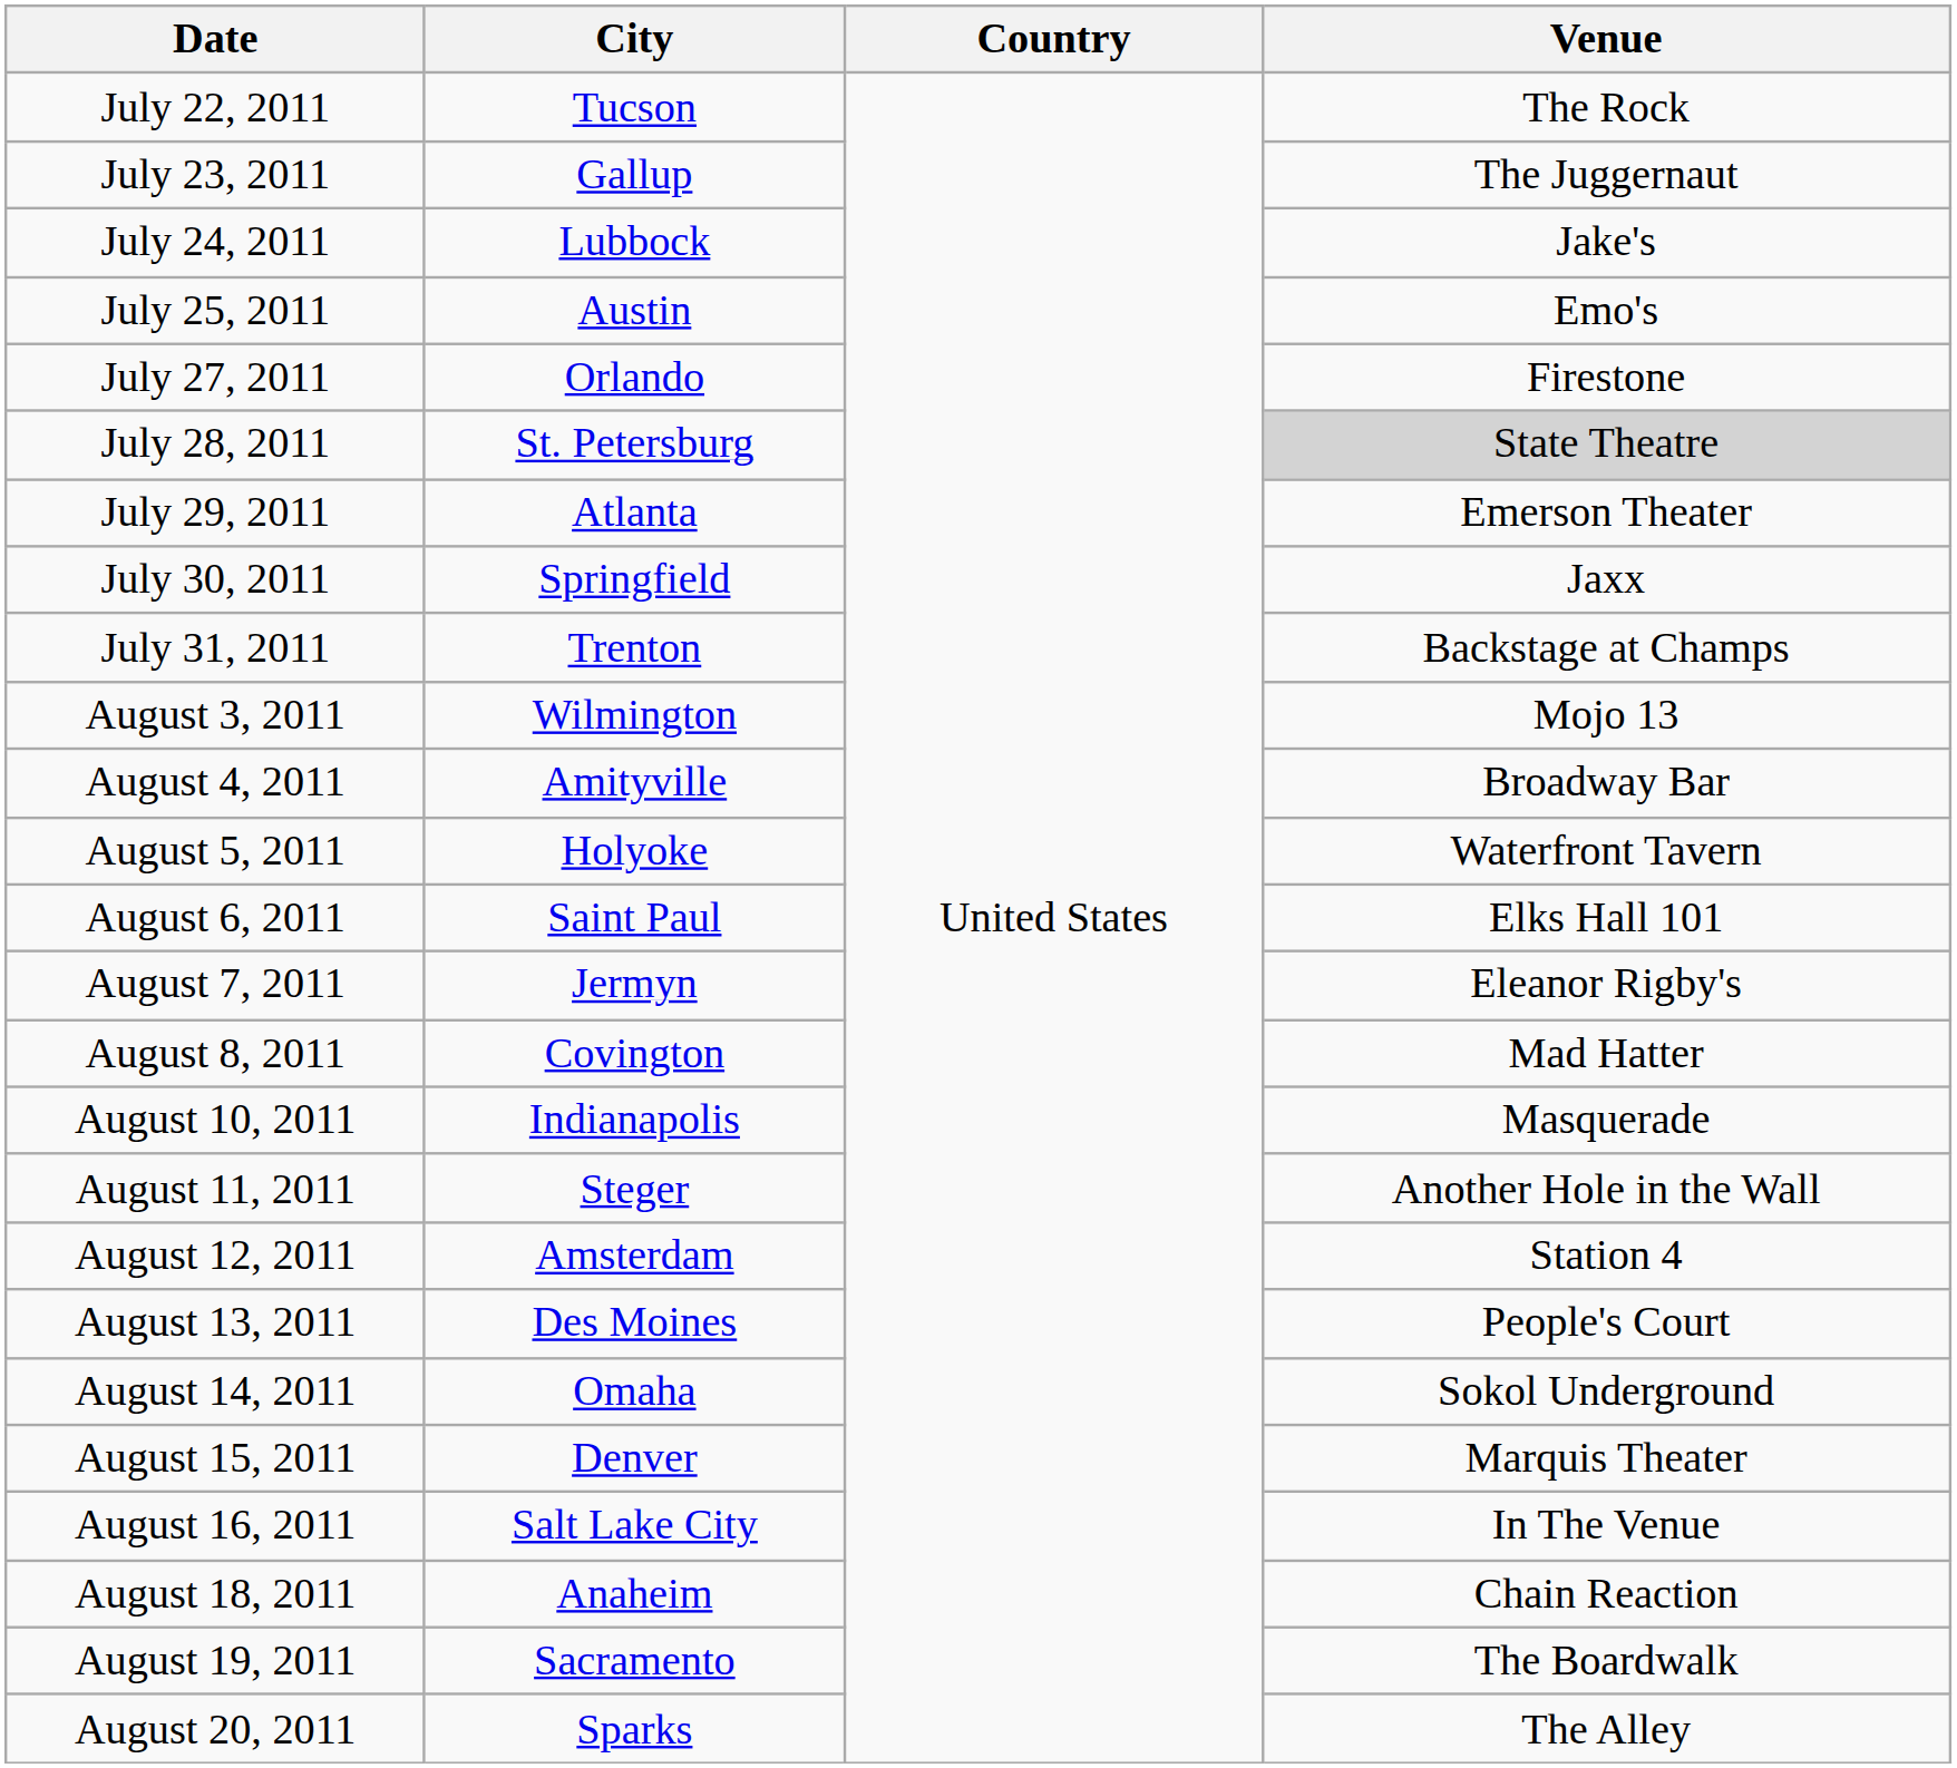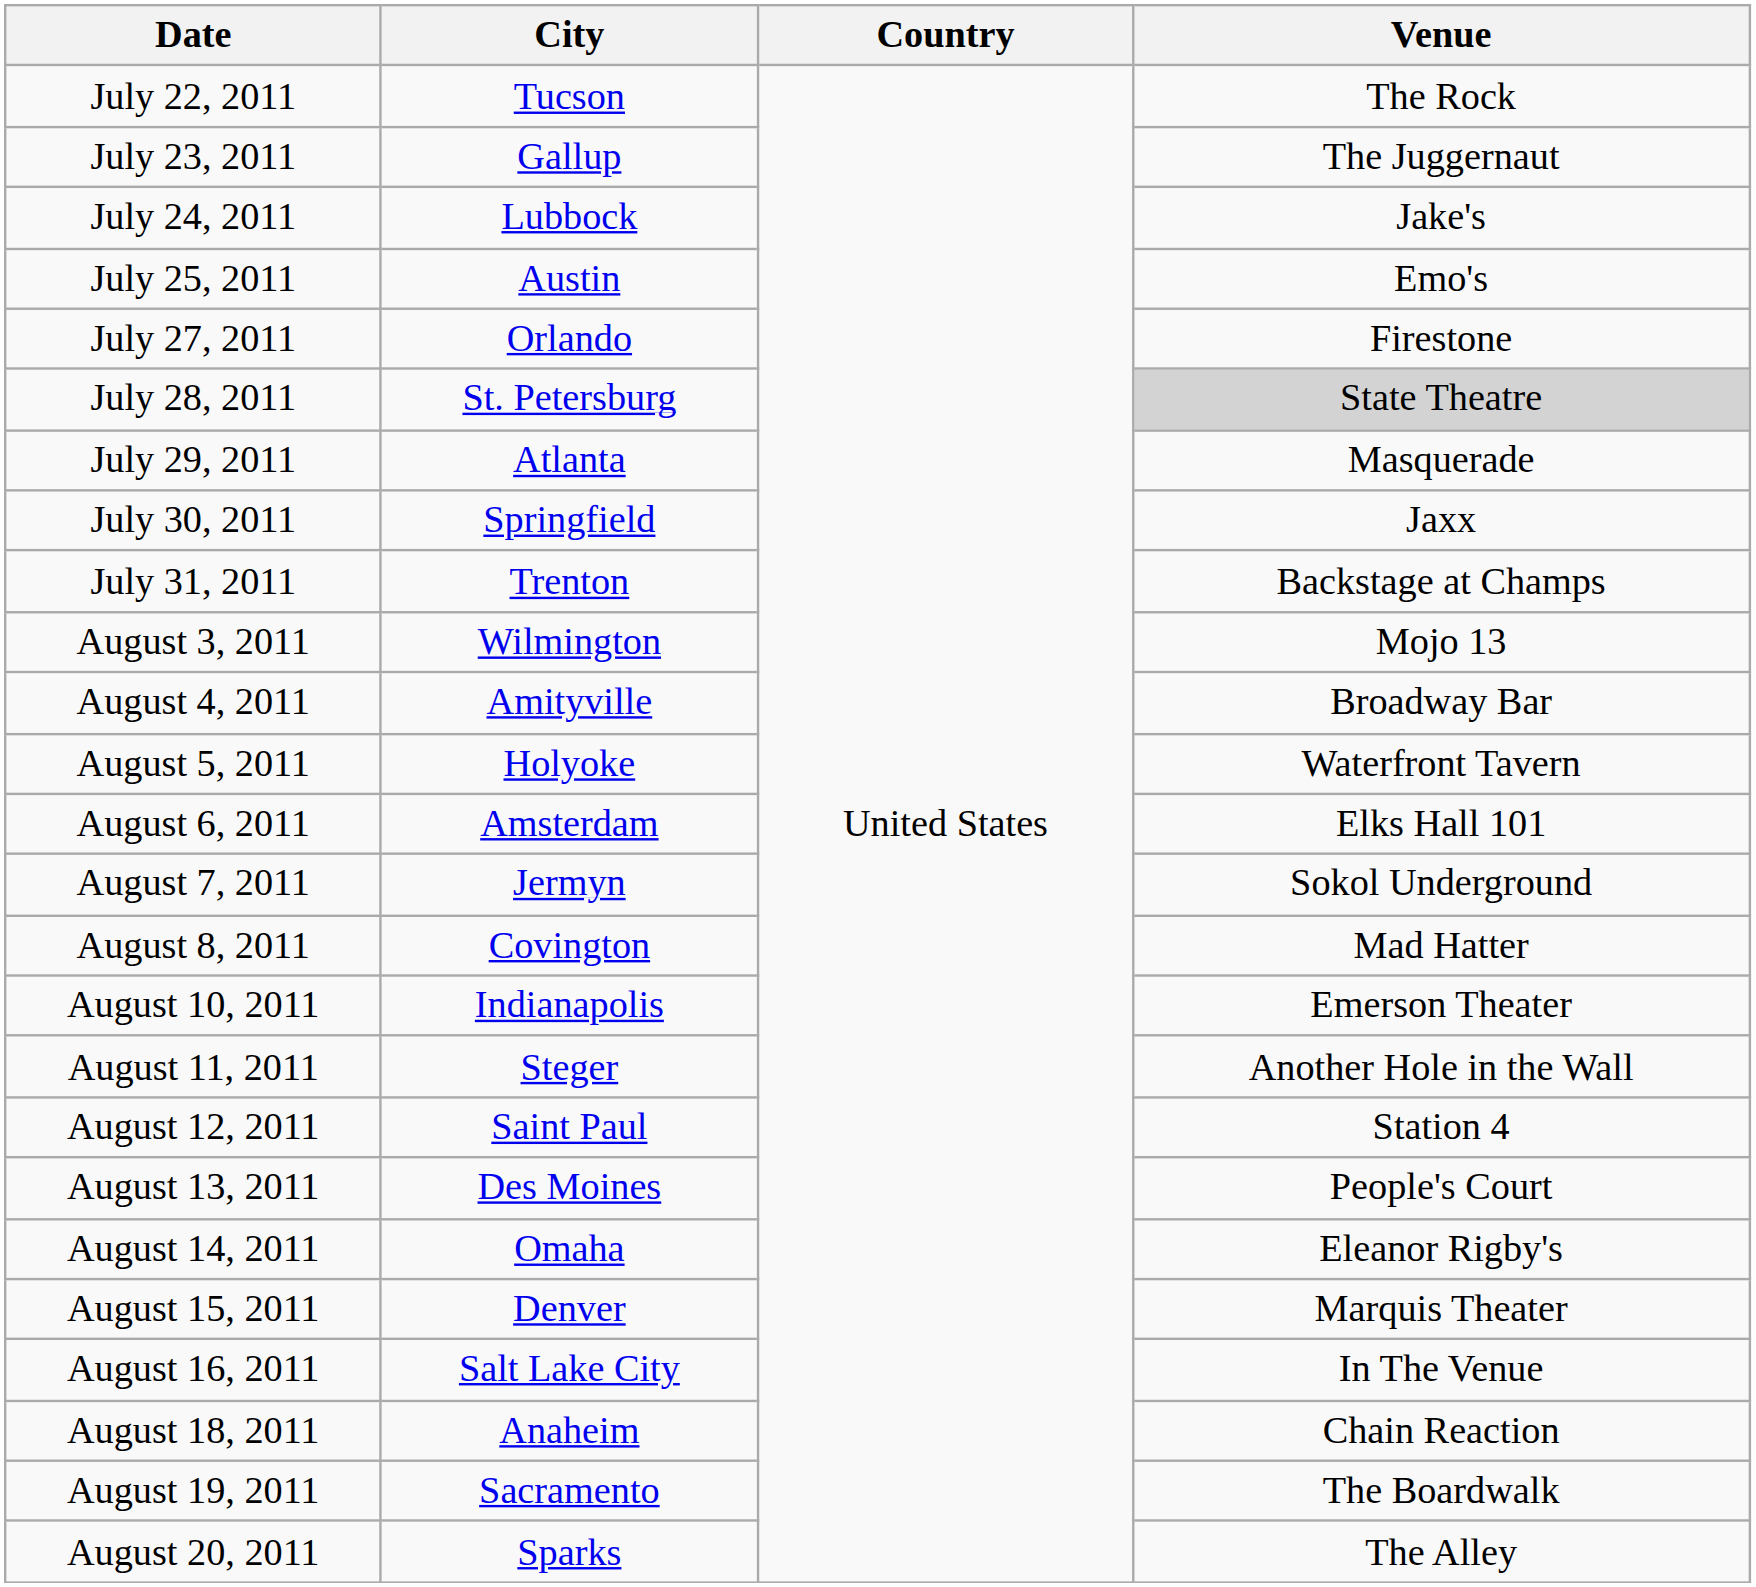 <table class="wikitable" style="text-align:center;">
 <tr>
 <th style="width:150px;">Date</th>
 <th style="width:150px;">City</th>
 <th style="width:150px;">Country</th>
 <th style="width:250px;">Venue</th>
 </tr>
 <tr>
 <td>July 22, 2011</td>
 <td><a href='#'>Tucson</a></td>
 <td rowspan="25">United States</td>
 <td>The Rock</td>
 </tr>
 <tr>
 <td>July 23, 2011</td>
 <td><a href='#'>Gallup</a></td>
 <td>The Juggernaut</td>
 </tr>
 <tr>
 <td>July 24, 2011</td>
 <td><a href='#'>Lubbock</a></td>
 <td>Jake's</td>
 </tr>
 <tr>
 <td>July 25, 2011</td>
 <td><a href='#'>Austin</a></td>
 <td>Emo's</td>
 </tr>
 <tr>
 <td>July 27, 2011</td>
 <td><a href='#'>Orlando</a></td>
 <td>Firestone</td>
 </tr>
 <tr>
 <td>July 28, 2011</td>
 <td><a href='#'>St. Petersburg</a></td>
 <td style="background: lightgrey;">State Theatre</td>
 </tr>
 <tr>
 <td>July 29, 2011</td>
 <td><a href='#'>Atlanta</a></td>
-<td>Emerson Theater</td>
+<td>Masquerade</td>
 </tr>
 <tr>
 <td>July 30, 2011</td>
 <td><a href='#'>Springfield</a></td>
 <td>Jaxx</td>
 </tr>
 <tr>
 <td>July 31, 2011</td>
 <td><a href='#'>Trenton</a></td>
 <td>Backstage at Champs</td>
 </tr>
 <tr>
 <td>August 3, 2011</td>
 <td><a href='#'>Wilmington</a></td>
 <td>Mojo 13</td>
 </tr>
 <tr>
 <td>August 4, 2011</td>
 <td><a href='#'>Amityville</a></td>
 <td>Broadway Bar</td>
 </tr>
 <tr>
 <td>August 5, 2011</td>
 <td><a href='#'>Holyoke</a></td>
 <td>Waterfront Tavern</td>
 </tr>
 <tr>
 <td>August 6, 2011</td>
-<td><a href='#'>Saint Paul</a></td>
+<td><a href='#'>Amsterdam</a></td>
 <td>Elks Hall 101</td>
 </tr>
 <tr>
 <td>August 7, 2011</td>
 <td><a href='#'>Jermyn</a></td>
-<td>Eleanor Rigby's</td>
+<td>Sokol Underground</td>
 </tr>
 <tr>
 <td>August 8, 2011</td>
 <td><a href='#'>Covington</a></td>
 <td>Mad Hatter</td>
 </tr>
 <tr>
 <td>August 10, 2011</td>
 <td><a href='#'>Indianapolis</a></td>
-<td>Masquerade</td>
+<td>Emerson Theater</td>
 </tr>
 <tr>
 <td>August 11, 2011</td>
 <td><a href='#'>Steger</a></td>
 <td>Another Hole in the Wall</td>
 </tr>
 <tr>
 <td>August 12, 2011</td>
-<td><a href='#'>Amsterdam</a></td>
+<td><a href='#'>Saint Paul</a></td>
 <td>Station 4</td>
 </tr>
 <tr>
 <td>August 13, 2011</td>
 <td><a href='#'>Des Moines</a></td>
 <td>People's Court</td>
 </tr>
 <tr>
 <td>August 14, 2011</td>
 <td><a href='#'>Omaha</a></td>
-<td>Sokol Underground</td>
+<td>Eleanor Rigby's</td>
 </tr>
 <tr>
 <td>August 15, 2011</td>
 <td><a href='#'>Denver</a></td>
 <td>Marquis Theater</td>
 </tr>
 <tr>
 <td>August 16, 2011</td>
 <td><a href='#'>Salt Lake City</a></td>
 <td>In The Venue</td>
 </tr>
 <tr>
 <td>August 18, 2011</td>
 <td><a href='#'>Anaheim</a></td>
 <td>Chain Reaction</td>
 </tr>
 <tr>
 <td>August 19, 2011</td>
 <td><a href='#'>Sacramento</a></td>
 <td>The Boardwalk</td>
 </tr>
 <tr>
 <td>August 20, 2011</td>
 <td><a href='#'>Sparks</a></td>
 <td>The Alley</td>
 </tr>
 </table>
